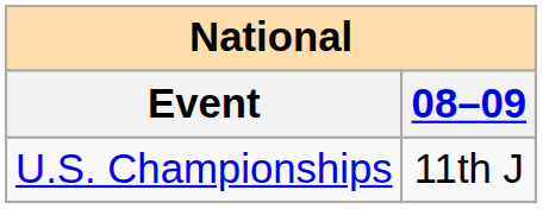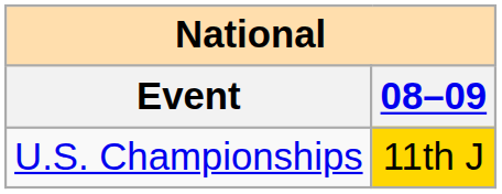 <table class="wikitable" style="text-align:center">
 <tr>
 <th colspan="2" style="background-color: #ffdead; " align="center">National</th>
 </tr>
 <tr>
 <th>Event</th>
 <th><a href='#'>08–09</a></th>
 </tr>
 <tr>
 <td align=left><a href='#'>U.S. Championships</a></td>
-<td>11th J</td>
+<td style="background: gold;">11th J</td>
 </tr>
 </table>
